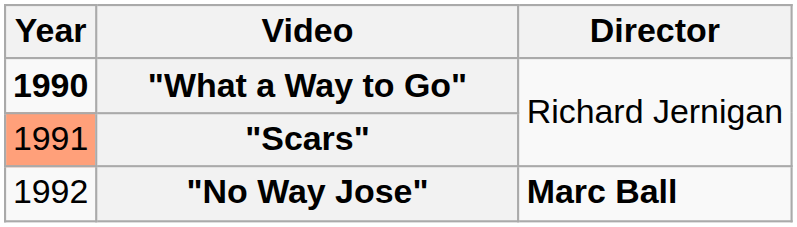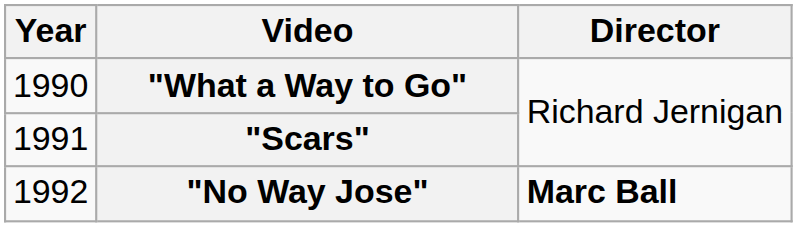 <table class="wikitable plainrowheaders">
 <tr>
 <th>Year</th>
 <th style="width:12em;">Video</th>
 <th>Director</th>
 </tr>
 <tr>
-<td><strong>1990</strong></td>
+<td>1990</td>
 <th scope="row">"What a Way to Go"</th>
 <td rowspan=2>Richard Jernigan</td>
 </tr>
 <tr>
-<td style="background: lightsalmon;">1991</td>
+<td>1991</td>
 <th scope="row">"Scars"</th>
 </tr>
 <tr>
 <td>1992</td>
 <th scope="row">"No Way Jose"</th>
 <td><strong>Marc Ball</strong></td>
 </tr>
 </table>
